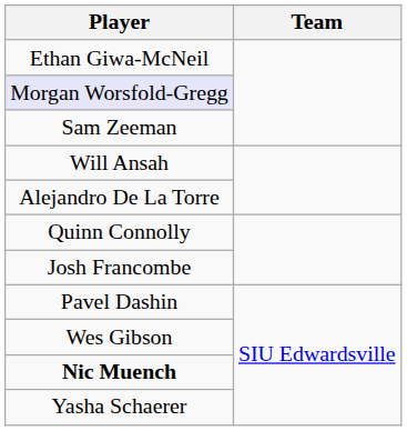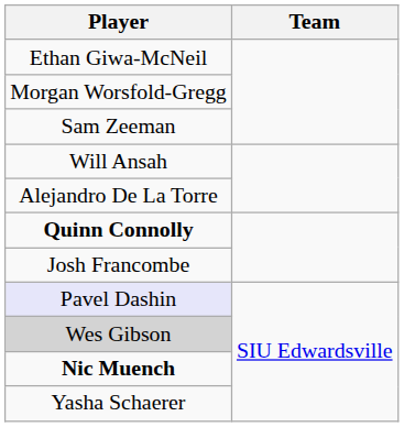 <table class="wikitable" style="text-align: center;">
 <tr>
 <th>Player</th>
 <th>Team</th>
 </tr>
 <tr>
 <td>Ethan Giwa-McNeil</td>
 <td rowspan=3></td>
 </tr>
 <tr>
-<td style="background: lavender;">Morgan Worsfold-Gregg</td>
+<td>Morgan Worsfold-Gregg</td>
 </tr>
 <tr>
 <td>Sam Zeeman</td>
 </tr>
 <tr>
 <td>Will Ansah</td>
 <td rowspan=2></td>
 </tr>
 <tr>
 <td>Alejandro De La Torre</td>
 </tr>
 <tr>
-<td>Quinn Connolly</td>
+<td><strong>Quinn Connolly</strong></td>
 <td rowspan=2></td>
 </tr>
 <tr>
 <td>Josh Francombe</td>
 </tr>
 <tr>
-<td>Pavel Dashin</td>
+<td style="background: lavender;">Pavel Dashin</td>
 <td rowspan=4><a href='#'>SIU Edwardsville</a></td>
 </tr>
 <tr>
-<td>Wes Gibson</td>
+<td style="background: lightgrey;">Wes Gibson</td>
 </tr>
 <tr>
 <td><strong>Nic Muench</strong></td>
 </tr>
 <tr>
 <td>Yasha Schaerer</td>
 </tr>
 </table>
